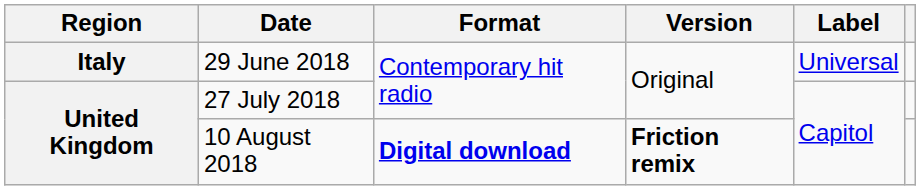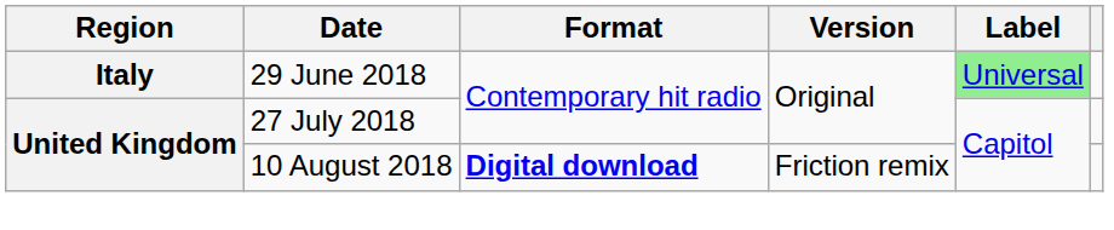 <table class="wikitable plainrowheaders">
 <tr>
 <th scope="col">Region</th>
 <th scope="col">Date</th>
 <th scope="col">Format</th>
 <th scope="col">Version</th>
 <th scope="col">Label</th>
 <th scope="col"></th>
 </tr>
 <tr>
 <th scope="row">Italy</th>
 <td>29 June 2018</td>
 <td rowspan="2"><a href='#'>Contemporary hit radio</a></td>
 <td rowspan="2">Original</td>
-<td><a href='#'>Universal</a></td>
+<td style="background: lightgreen;"><a href='#'>Universal</a></td>
 <td></td>
 </tr>
 <tr>
 <th scope="row" rowspan="2">United Kingdom</th>
 <td>27 July 2018</td>
 <td rowspan="2"><a href='#'>Capitol</a></td>
 <td></td>
 </tr>
 <tr>
 <td>10 August 2018</td>
 <td><strong><a href='#'>Digital download</a></strong></td>
-<td><strong>Friction remix</strong></td>
+<td>Friction remix</td>
 <td></td>
 </tr>
 </table>
